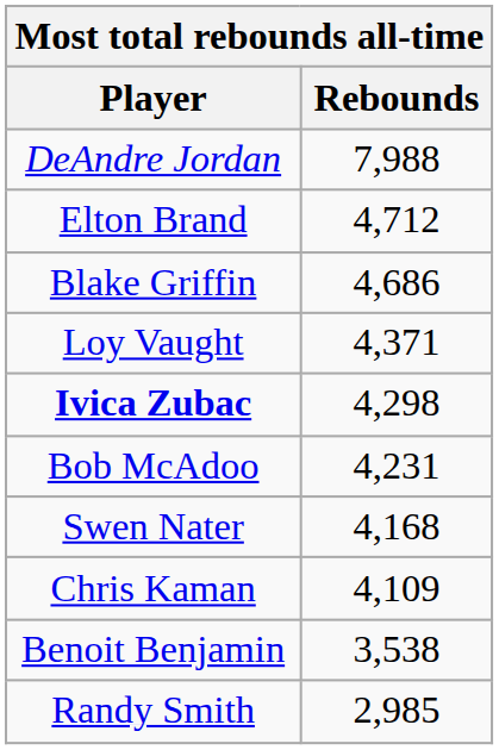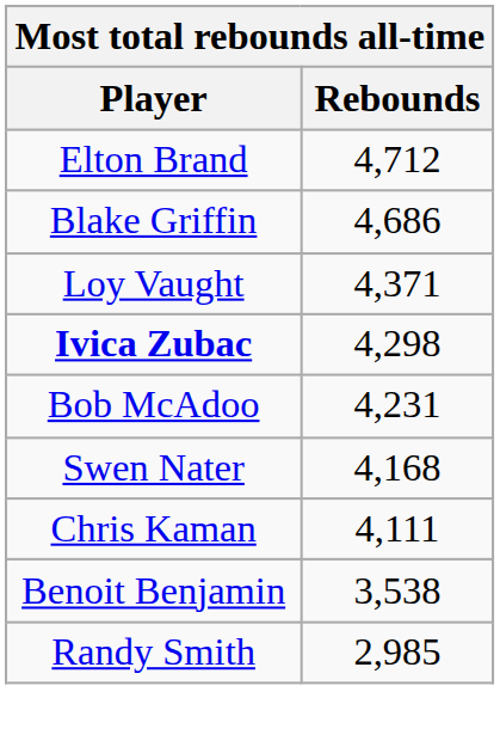 <table class="wikitable sortable" style="text-align:center">
 <tr>
 <th colspan="2">Most total rebounds all-time</th>
 </tr>
 <tr>
 <th>Player</th>
 <th>Rebounds</th>
-</tr>
-<tr>
-<td><em><a href='#'>DeAndre Jordan</a></em></td>
-<td>7,988</td>
 </tr>
 <tr>
 <td><a href='#'>Elton Brand</a></td>
 <td>4,712</td>
 </tr>
 <tr>
 <td><a href='#'>Blake Griffin</a></td>
 <td>4,686</td>
 </tr>
 <tr>
 <td><a href='#'>Loy Vaught</a></td>
 <td>4,371</td>
 </tr>
 <tr>
 <td><strong><a href='#'>Ivica Zubac</a></strong></td>
 <td>4,298</td>
 </tr>
 <tr>
 <td><a href='#'>Bob McAdoo</a></td>
 <td>4,231</td>
 </tr>
 <tr>
 <td><a href='#'>Swen Nater</a></td>
 <td>4,168</td>
 </tr>
 <tr>
 <td><a href='#'>Chris Kaman</a></td>
-<td>4,109</td>
+<td>4,111</td>
 </tr>
 <tr>
 <td><a href='#'>Benoit Benjamin</a></td>
 <td>3,538</td>
 </tr>
 <tr>
 <td><a href='#'>Randy Smith</a></td>
 <td>2,985</td>
 </tr>
 </table>
